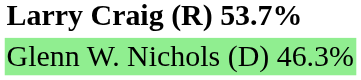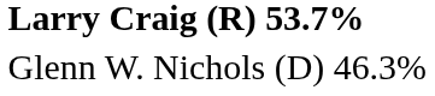 <table>
 <tr>
 <td><strong>Larry Craig (R) 53.7%</strong></td>
 </tr>
 <tr>
-<td style="background: lightgreen;">Glenn W. Nichols (D) 46.3%</td>
+<td>Glenn W. Nichols (D) 46.3%</td>
 </tr>
 </table>
